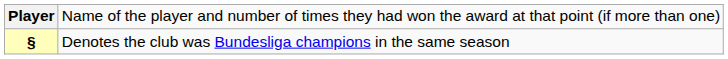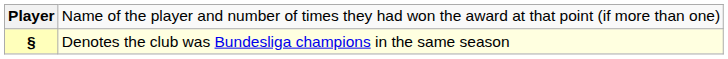 <table class="wikitable plainrowheaders">
 <tr>
 <th scope="row"><strong>Player </strong></th>
 <td>Name of the player and number of times they had won the award at that point (if more than one)</td>
 </tr>
 <tr>
 <th scope="row" style="text-align:center; background:#ffb">§</th>
-<td>Denotes the club was <a href='#'>Bundesliga champions</a> in the same season</td>
+<td style="background: lightyellow;">Denotes the club was <a href='#'>Bundesliga champions</a> in the same season</td>
 </tr>
 </table>
